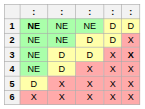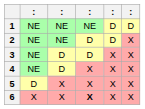 <table class="wikitable floatright" style="font-size:90%;text-align:center;width:15em;">
 <tr>
 <th></th>
 <th>:</th>
 <th>:</th>
 <th>:</th>
 <th>:</th>
 <th>:</th>
 </tr>
 <tr>
 <th>1</th>
-<td style="background:#afa;"><strong>NE</strong></td>
+<td style="background:#afa;">NE</td>
 <td style="background:#afa;">NE</td>
 <td style="background:#afa;">NE</td>
 <td style="background:#ffa;">D</td>
 <td style="background:#ffa;">D</td>
 </tr>
 <tr>
 <th>2</th>
 <td style="background:#afa;">NE</td>
 <td style="background:#afa;">NE</td>
 <td style="background:#ffa;">D</td>
 <td style="background:#ffa;">D</td>
 <td style="background:#faa;">X</td>
 </tr>
 <tr>
 <th>3</th>
 <td style="background:#afa;">NE</td>
 <td style="background:#ffa;">D</td>
 <td style="background:#ffa;">D</td>
 <td style="background:#faa;">X</td>
-<td style="background:#faa;"><strong>X</strong></td>
+<td style="background:#faa;">X</td>
 </tr>
 <tr>
 <th>4</th>
 <td style="background:#afa;">NE</td>
 <td style="background:#ffa;">D</td>
 <td style="background:#faa;">X</td>
 <td style="background:#faa;">X</td>
 <td style="background:#faa;">X</td>
 </tr>
 <tr>
 <th>5</th>
 <td style="background:#ffa;">D</td>
 <td style="background:#faa;">X</td>
 <td style="background:#faa;">X</td>
 <td style="background:#faa;">X</td>
 <td style="background:#faa;">X</td>
 </tr>
 <tr>
 <th>6</th>
 <td style="background:#faa;">X</td>
 <td style="background:#faa;">X</td>
-<td style="background:#faa;">X</td>
+<td style="background:#faa;"><strong>X</strong></td>
 <td style="background:#faa;">X</td>
 <td style="background:#faa;">X</td>
 </tr>
 </table>
